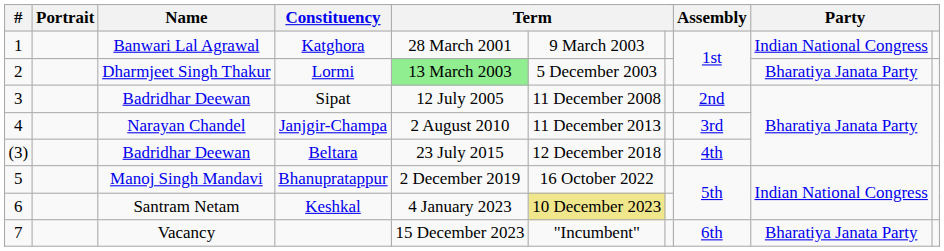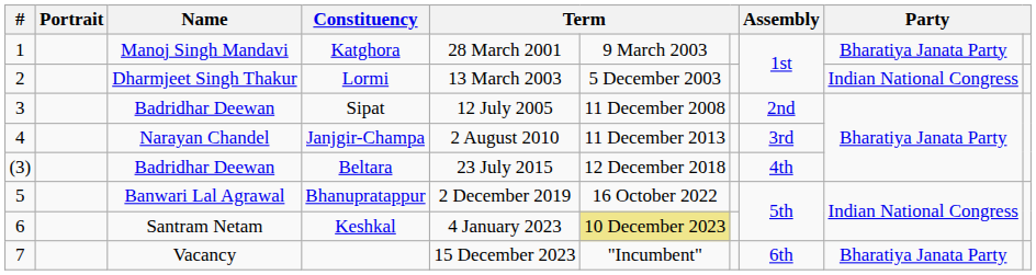 <table class="wikitable" style="text-align:center;">
 <tr>
 <th>#</th>
 <th>Portrait</th>
 <th>Name</th>
 <th><a href='#'>Constituency</a></th>
 <th colspan="3">Term</th>
 <th>Assembly</th>
 <th colspan="2" scope="col">Party</th>
 </tr>
 <tr>
 <td>1</td>
 <td></td>
-<td><a href='#'>Banwari Lal Agrawal</a></td>
+<td><a href='#'>Manoj Singh Mandavi</a></td>
 <td><a href='#'>Katghora</a></td>
 <td>28 March 2001</td>
 <td>9 March 2003</td>
 <td></td>
 <td rowspan="2"><a href='#'>1st</a></td>
-<td><a href='#'>Indian National Congress</a></td>
+<td><a href='#'>Bharatiya Janata Party</a></td>
 <td style="background-color: "></td>
 </tr>
 <tr>
 <td>2</td>
 <td></td>
 <td><a href='#'>Dharmjeet Singh Thakur</a></td>
 <td><a href='#'>Lormi</a></td>
-<td style="background: lightgreen;">13 March 2003</td>
+<td>13 March 2003</td>
 <td>5 December 2003</td>
 <td></td>
-<td><a href='#'>Bharatiya Janata Party</a></td>
+<td><a href='#'>Indian National Congress</a></td>
 <td style="background-color: "></td>
 </tr>
 <tr>
 <td>3</td>
 <td></td>
 <td><a href='#'>Badridhar Deewan</a></td>
 <td>Sipat</td>
 <td>12 July 2005</td>
 <td>11 December 2008</td>
 <td></td>
 <td><a href='#'>2nd</a></td>
 <td rowspan="3"><a href='#'>Bharatiya Janata Party</a></td>
 <td rowspan="3" style="background-color: "></td>
 </tr>
 <tr>
 <td>4</td>
 <td></td>
 <td><a href='#'>Narayan Chandel</a></td>
 <td><a href='#'>Janjgir-Champa</a></td>
 <td>2 August 2010</td>
 <td>11 December 2013</td>
 <td></td>
 <td><a href='#'>3rd</a></td>
 </tr>
 <tr>
 <td>(3)</td>
 <td></td>
 <td><a href='#'>Badridhar Deewan</a></td>
 <td><a href='#'>Beltara</a></td>
 <td>23 July 2015</td>
 <td>12 December 2018</td>
 <td></td>
 <td><a href='#'>4th</a></td>
 </tr>
 <tr>
 <td>5</td>
 <td></td>
-<td><a href='#'>Manoj Singh Mandavi</a></td>
+<td><a href='#'>Banwari Lal Agrawal</a></td>
 <td><a href='#'>Bhanupratappur</a></td>
 <td>2 December 2019</td>
 <td>16 October 2022</td>
 <td></td>
 <td rowspan="2"><a href='#'>5th</a></td>
 <td rowspan="2"><a href='#'>Indian National Congress</a></td>
 <td rowspan="2" style="background-color: "></td>
 </tr>
 <tr>
 <td>6</td>
 <td></td>
 <td>Santram Netam</td>
 <td><a href='#'>Keshkal</a></td>
 <td>4 January 2023</td>
 <td style="background: khaki;">10 December 2023</td>
 <td></td>
 </tr>
 <tr>
 <td>7</td>
 <td></td>
 <td>Vacancy</td>
 <td></td>
 <td>15 December 2023</td>
 <td>"Incumbent"</td>
 <td></td>
 <td><a href='#'>6th</a></td>
 <td><a href='#'>Bharatiya Janata Party</a></td>
 <td style="background-color: "></td>
 </tr>
 </table>
